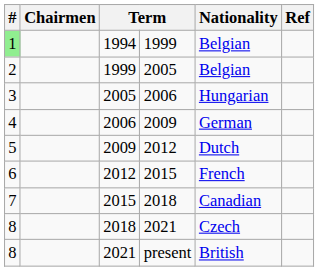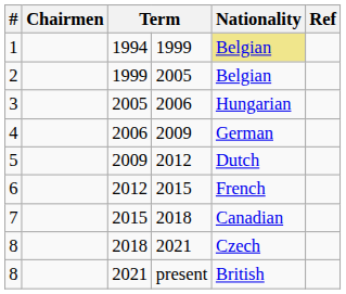 <table class="sortable wikitable">
 <tr>
 <th>#</th>
 <th>Chairmen</th>
 <th colspan="2">Term</th>
 <th>Nationality</th>
 <th>Ref</th>
 </tr>
 <tr>
-<td style="background: lightgreen;">1</td>
+<td>1</td>
 <td></td>
 <td>1994</td>
 <td>1999</td>
-<td> <a href='#'>Belgian</a></td>
+<td style="background: khaki;"> <a href='#'>Belgian</a></td>
 <td></td>
 </tr>
 <tr>
 <td>2</td>
 <td></td>
 <td>1999</td>
 <td>2005</td>
 <td> <a href='#'>Belgian</a></td>
 <td></td>
 </tr>
 <tr>
 <td>3</td>
 <td></td>
 <td>2005</td>
 <td>2006</td>
 <td> <a href='#'>Hungarian</a></td>
 <td></td>
 </tr>
 <tr>
 <td>4</td>
 <td></td>
 <td>2006</td>
 <td>2009</td>
 <td> <a href='#'>German</a></td>
 <td></td>
 </tr>
 <tr>
 <td>5</td>
 <td></td>
 <td>2009</td>
 <td>2012</td>
 <td> <a href='#'>Dutch</a></td>
 <td></td>
 </tr>
 <tr>
 <td>6</td>
 <td></td>
 <td>2012</td>
 <td>2015</td>
 <td> <a href='#'>French</a></td>
 <td></td>
 </tr>
 <tr>
 <td>7</td>
 <td></td>
 <td>2015</td>
 <td>2018</td>
 <td> <a href='#'>Canadian</a></td>
 <td></td>
 </tr>
 <tr>
 <td>8</td>
 <td></td>
 <td>2018</td>
 <td>2021</td>
 <td> <a href='#'>Czech</a></td>
 <td></td>
 </tr>
 <tr>
 <td>8</td>
 <td></td>
 <td>2021</td>
 <td>present</td>
 <td> <a href='#'>British</a></td>
 <td></td>
 </tr>
 </table>
